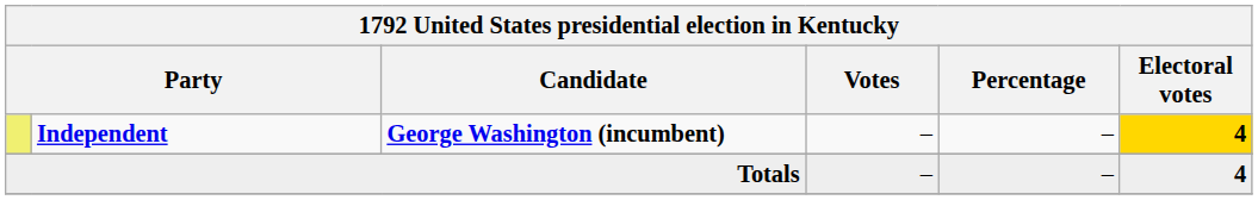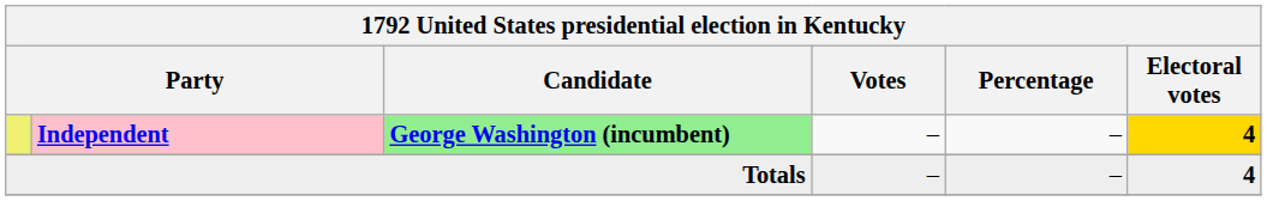 <table class="wikitable" style="font-size: 95%;">
 <tr>
 <th colspan="6">1792 United States presidential election in Kentucky</th>
 </tr>
 <tr>
 <th colspan="2" style="width: 15em">Party</th>
 <th style="width: 17em">Candidate</th>
 <th style="width: 5em">Votes</th>
 <th style="width: 7em">Percentage</th>
 <th style="width: 5em">Electoral votes</th>
 </tr>
 <tr>
 <th style="background-color:#F0F071; width: 3px"></th>
-<td style="width: 130px"><strong><a href='#'>Independent</a></strong></td>
-<td><strong><a href='#'>George Washington</a> (incumbent)</strong></td>
+<td style="background: pink; width: 130px"><strong><a href='#'>Independent</a></strong></td>
+<td style="background: lightgreen;"><strong><a href='#'>George Washington</a> (incumbent)</strong></td>
 <td align="right">–</td>
 <td align="right">–</td>
 <td align="right" style="background: gold;"><strong>4</strong></td>
 </tr>
 <tr>
 </tr>
 <tr bgcolor="#EEEEEE">
 <td colspan="3" align="right"><strong>Totals</strong></td>
 <td align="right">–</td>
 <td align="right">–</td>
 <td align="right"><strong>4</strong></td>
 </tr>
 <tr>
 </tr>
 </table>
